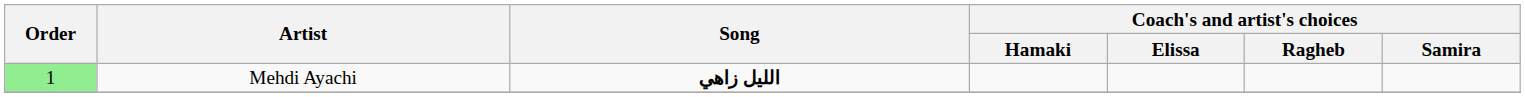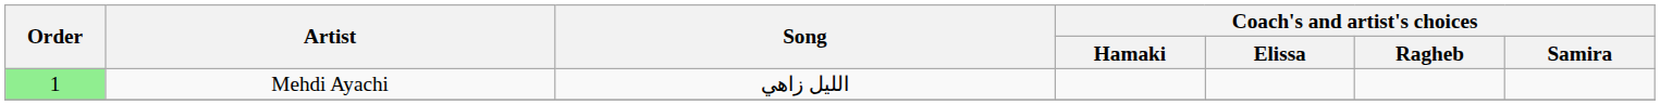 <table class="wikitable" style="text-align:center; line-height:17px; width:100%;">
 <tr>
 <th scope="col" rowspan="2" style="width:04%;">Order</th>
 <th scope="col" rowspan="2" style="width:18%;">Artist</th>
 <th scope="col" rowspan="2" style="width:20%;">Song</th>
 <th scope="col" colspan="4" style="width:24%;">Coach's and artist's choices</th>
 </tr>
 <tr>
 <th style="width:06%;">Hamaki</th>
 <th style="width:06%;">Elissa</th>
 <th style="width:06%;">Ragheb</th>
 <th style="width:06%;">Samira</th>
 </tr>
 <tr>
 <td style="background: lightgreen;">1</td>
 <td>Mehdi Ayachi</td>
-<td><strong>الليل زاهي</strong></td>
+<td>الليل زاهي</td>
 <td><strong></strong></td>
 <td><strong></strong></td>
 <td><strong></strong></td>
 <td><strong></strong></td>
 </tr>
 <tr>
 </tr>
 </table>
